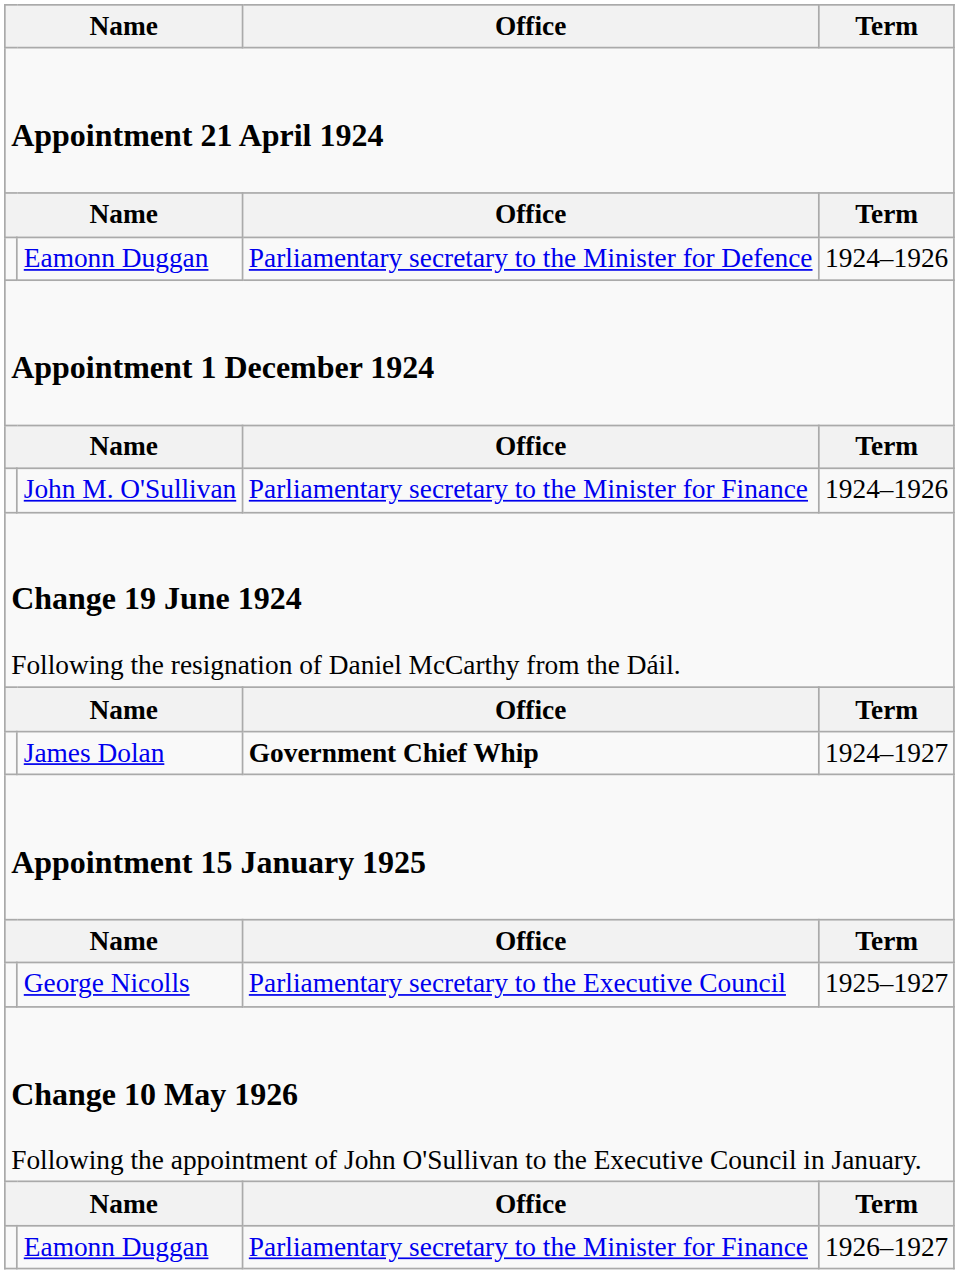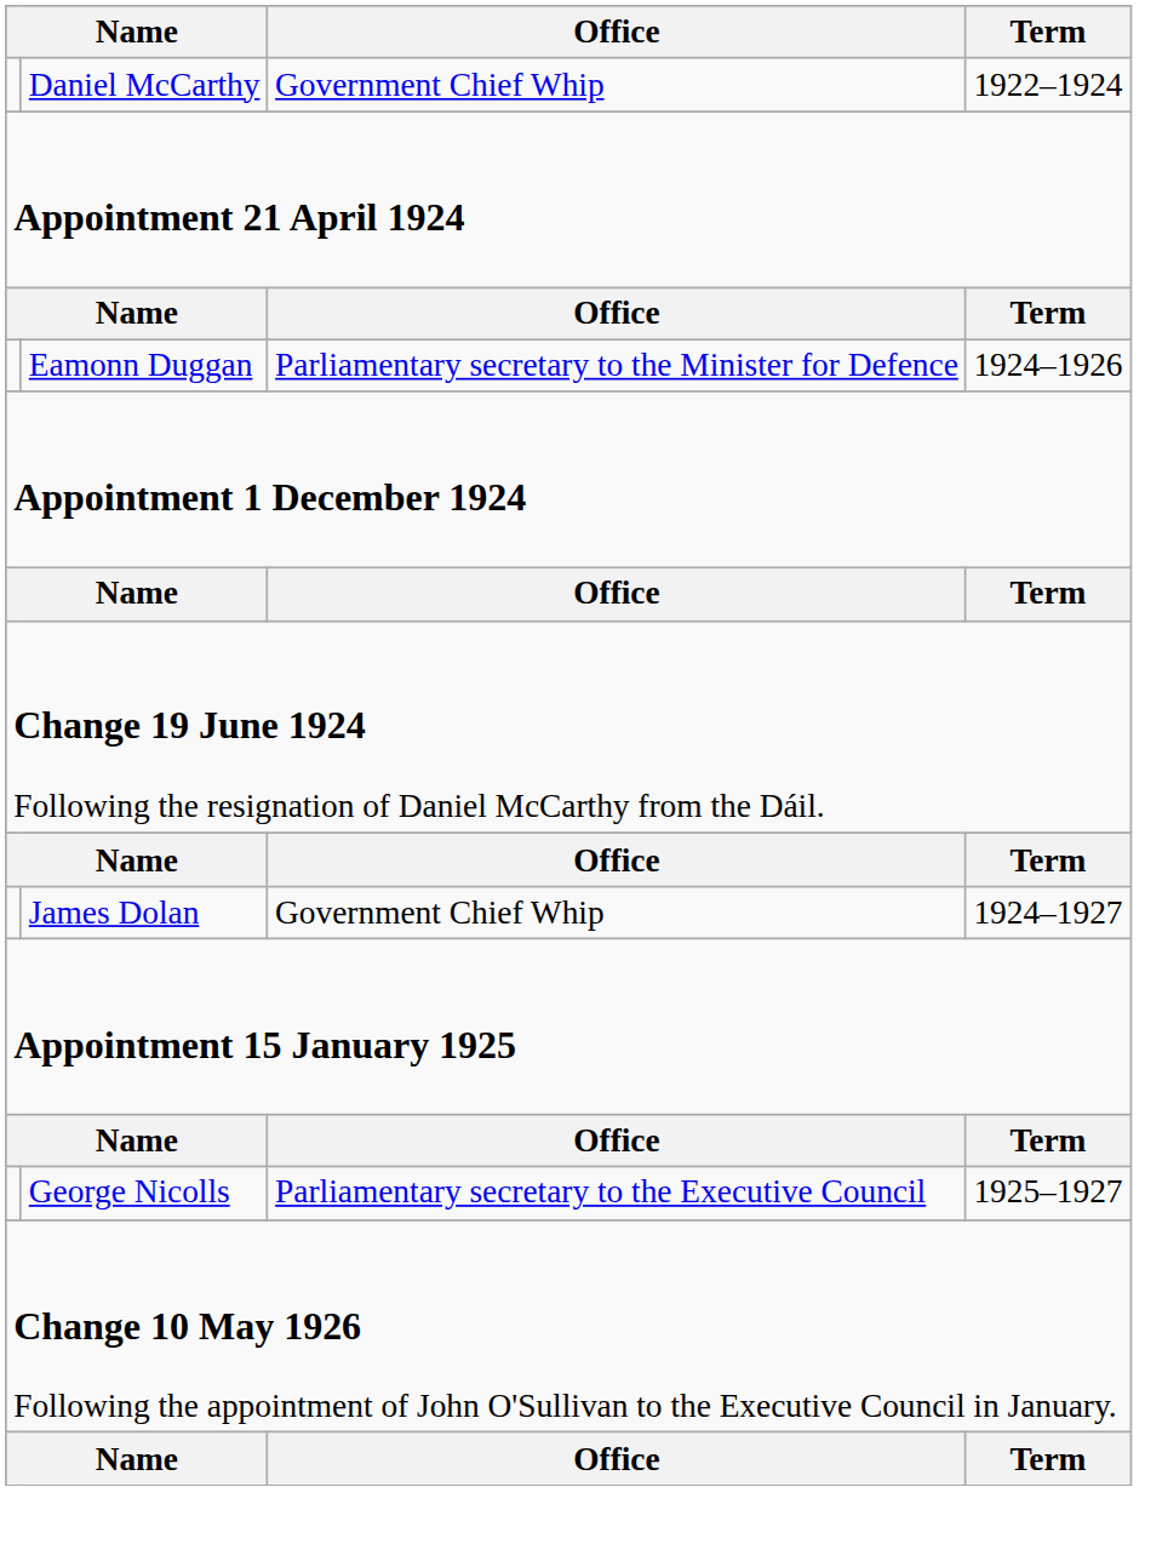 <table class="wikitable">
 <tr>
 <th colspan="2">Name</th>
 <th>Office</th>
 <th>Term</th>
+</tr>
+<tr>
+<td style="background-color: "></td>
+<td><a href='#'>Daniel McCarthy</a></td>
+<td><a href='#'>Government Chief Whip</a></td>
+<td>1922–1924</td>
 </tr>
 <tr>
 <td colspan=4><br><h3>Appointment 21 April 1924</h3></td>
 </tr>
 <tr>
 <th colspan="2">Name</th>
 <th>Office</th>
 <th>Term</th>
 </tr>
 <tr>
 <td style="background-color: "></td>
 <td><a href='#'>Eamonn Duggan</a></td>
 <td><a href='#'>Parliamentary secretary to the Minister for Defence</a></td>
 <td>1924–1926</td>
 </tr>
 <tr>
 <td colspan=4><br><h3>Appointment 1 December 1924</h3></td>
 </tr>
 <tr>
 <th colspan="2">Name</th>
 <th>Office</th>
 <th>Term</th>
 </tr>
 <tr>
-<td style="background-color: "></td>
-<td><a href='#'>John M. O'Sullivan</a></td>
-<td><a href='#'>Parliamentary secretary to the Minister for Finance</a></td>
-<td>1924–1926</td>
-</tr>
-<tr>
 <td colspan=4><br><h3>Change 19 June 1924</h3>Following the resignation of Daniel McCarthy from the Dáil.</td>
 </tr>
 <tr>
 <th colspan="2">Name</th>
 <th>Office</th>
 <th>Term</th>
 </tr>
 <tr>
 <td style="background-color: "></td>
 <td><a href='#'>James Dolan</a></td>
-<td><strong>Government Chief Whip</strong></td>
+<td>Government Chief Whip</td>
 <td>1924–1927</td>
 </tr>
 <tr>
 <td colspan=4><br><h3>Appointment 15 January 1925</h3></td>
 </tr>
 <tr>
 <th colspan="2">Name</th>
 <th>Office</th>
 <th>Term</th>
 </tr>
 <tr>
 <td style="background-color: "></td>
 <td><a href='#'>George Nicolls</a></td>
 <td><a href='#'>Parliamentary secretary to the Executive Council</a></td>
 <td>1925–1927</td>
 </tr>
 <tr>
 <td colspan=4><br><h3>Change 10 May 1926</h3>Following the appointment of John O'Sullivan to the Executive Council in January.</td>
 </tr>
 <tr>
 <th colspan="2">Name</th>
 <th>Office</th>
 <th>Term</th>
 </tr>
-<tr>
-<td style="background-color: "></td>
-<td><a href='#'>Eamonn Duggan</a></td>
-<td><a href='#'>Parliamentary secretary to the Minister for Finance</a></td>
-<td>1926–1927</td>
-</tr>
 </table>
